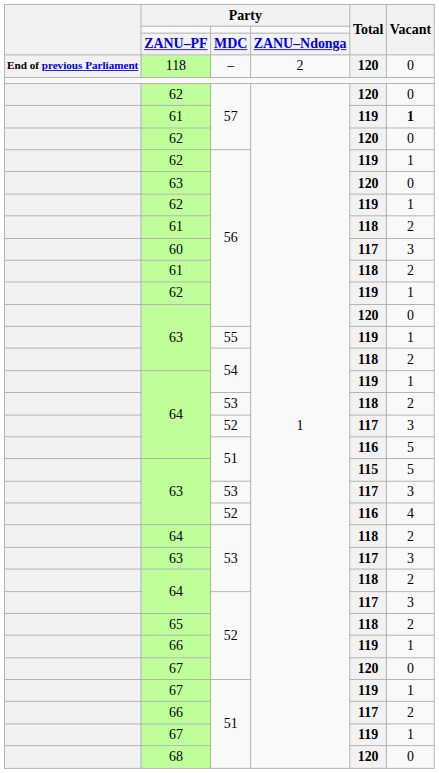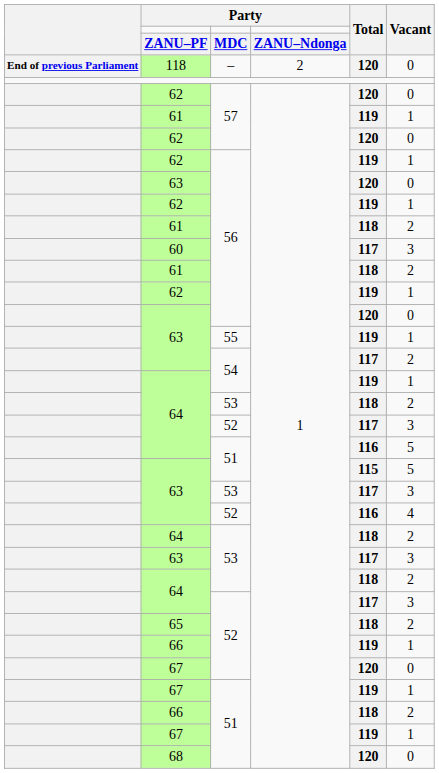 <table class="wikitable" style="text-align:center">
 <tr>
 <th rowspan="3"></th>
 <th colspan="3">Party</th>
 <th rowspan="3">Total</th>
 <th rowspan="3">Vacant</th>
 </tr>
 <tr style="height:5px">
 <td style="background-color:"></td>
 <td style="background-color:"></td>
 <td style="background-color:"></td>
 </tr>
 <tr>
 <th><a href='#'>ZANU–PF</a></th>
 <th><a href='#'>MDC</a></th>
 <th><a href='#'>ZANU–Ndonga</a></th>
 </tr>
 <tr>
 <th style="white-space:nowrap; font-size:80%;">End of <a href='#'>previous Parliament</a></th>
 <td bgcolor=BFFF9A>118</td>
 <td>–</td>
 <td>2</td>
 <th>120</th>
 <td>0</td>
 </tr>
 <tr>
 <td colspan="6"></td>
 </tr>
 <tr>
 <th></th>
 <td bgcolor=BFFF9A>62</td>
 <td rowspan="3">57</td>
 <td rowspan="31">1</td>
 <th>120</th>
 <td>0</td>
 </tr>
 <tr>
 <th></th>
 <td bgcolor=BFFF9A>61</td>
 <th>119</th>
-<td><strong>1</strong></td>
+<td>1</td>
 </tr>
 <tr>
 <th></th>
 <td bgcolor=BFFF9A>62</td>
 <th>120</th>
 <td>0</td>
 </tr>
 <tr>
 <th></th>
 <td bgcolor=BFFF9A>62</td>
 <td rowspan="8">56</td>
 <th>119</th>
 <td>1</td>
 </tr>
 <tr>
 <th></th>
 <td bgcolor=BFFF9A>63</td>
 <th>120</th>
 <td>0</td>
 </tr>
 <tr>
 <th></th>
 <td bgcolor=BFFF9A>62</td>
 <th>119</th>
 <td>1</td>
 </tr>
 <tr>
 <th></th>
 <td bgcolor=BFFF9A>61</td>
 <th>118</th>
 <td>2</td>
 </tr>
 <tr>
 <th></th>
 <td bgcolor=BFFF9A>60</td>
 <th>117</th>
 <td>3</td>
 </tr>
 <tr>
 <th></th>
 <td bgcolor=BFFF9A>61</td>
 <th>118</th>
 <td>2</td>
 </tr>
 <tr>
 <th></th>
 <td bgcolor=BFFF9A>62</td>
 <th>119</th>
 <td>1</td>
 </tr>
 <tr>
 <th></th>
 <td bgcolor=BFFF9A rowspan="3">63</td>
 <th>120</th>
 <td>0</td>
 </tr>
 <tr>
 <th></th>
 <td>55</td>
 <th>119</th>
 <td>1</td>
 </tr>
 <tr>
 <th></th>
 <td rowspan="2">54</td>
-<th>118</th>
+<th>117</th>
 <td>2</td>
 </tr>
 <tr>
 <th></th>
 <td bgcolor=BFFF9A rowspan="4">64</td>
 <th>119</th>
 <td>1</td>
 </tr>
 <tr>
 <th></th>
 <td>53</td>
 <th>118</th>
 <td>2</td>
 </tr>
 <tr>
 <th></th>
 <td>52</td>
 <th>117</th>
 <td>3</td>
 </tr>
 <tr>
 <th></th>
 <td rowspan="2">51</td>
 <th>116</th>
 <td>5</td>
 </tr>
 <tr>
 <th></th>
 <td bgcolor=BFFF9A rowspan="3">63</td>
 <th>115</th>
 <td>5</td>
 </tr>
 <tr>
 <th></th>
 <td>53</td>
 <th>117</th>
 <td>3</td>
 </tr>
 <tr>
 <th></th>
 <td>52</td>
 <th>116</th>
 <td>4</td>
 </tr>
 <tr>
 <th></th>
 <td bgcolor=BFFF9A>64</td>
 <td rowspan="3">53</td>
 <th>118</th>
 <td>2</td>
 </tr>
 <tr>
 <th></th>
 <td bgcolor=BFFF9A>63</td>
 <th>117</th>
 <td>3</td>
 </tr>
 <tr>
 <th></th>
 <td bgcolor=BFFF9A rowspan="2">64</td>
 <th>118</th>
 <td>2</td>
 </tr>
 <tr>
 <th></th>
 <td rowspan="4">52</td>
 <th>117</th>
 <td>3</td>
 </tr>
 <tr>
 <th></th>
 <td bgcolor=BFFF9A>65</td>
 <th>118</th>
 <td>2</td>
 </tr>
 <tr>
 <th></th>
 <td bgcolor=BFFF9A>66</td>
 <th>119</th>
 <td>1</td>
 </tr>
 <tr>
 <th></th>
 <td bgcolor=BFFF9A>67</td>
 <th>120</th>
 <td>0</td>
 </tr>
 <tr>
 <th></th>
 <td bgcolor=BFFF9A>67</td>
 <td rowspan="4">51</td>
 <th>119</th>
 <td>1</td>
 </tr>
 <tr>
 <th></th>
 <td bgcolor=BFFF9A>66</td>
-<th>117</th>
+<th>118</th>
 <td>2</td>
 </tr>
 <tr>
 <th></th>
 <td bgcolor=BFFF9A>67</td>
 <th>119</th>
 <td>1</td>
 </tr>
 <tr>
 <th></th>
 <td bgcolor=BFFF9A>68</td>
 <th>120</th>
 <td>0</td>
 </tr>
 </table>
